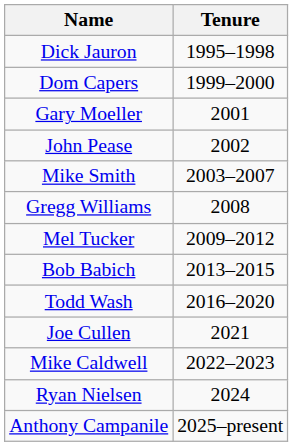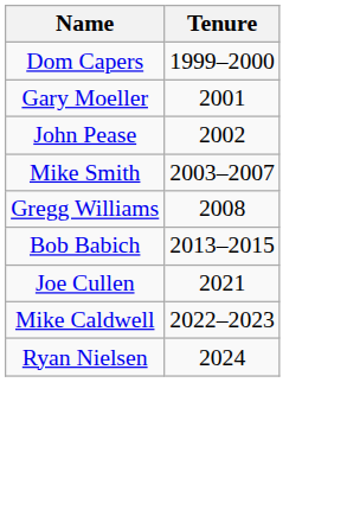 <table class="wikitable" style="text-align:center">
 <tr>
 <th>Name</th>
 <th>Tenure</th>
-</tr>
-<tr>
-<td><a href='#'>Dick Jauron</a></td>
-<td>1995–1998</td>
 </tr>
 <tr>
 <td><a href='#'>Dom Capers</a></td>
 <td>1999–2000</td>
 </tr>
 <tr>
 <td><a href='#'>Gary Moeller</a></td>
 <td>2001</td>
 </tr>
 <tr>
 <td><a href='#'>John Pease</a></td>
 <td>2002</td>
 </tr>
 <tr>
 <td><a href='#'>Mike Smith</a></td>
 <td>2003–2007</td>
 </tr>
 <tr>
 <td><a href='#'>Gregg Williams</a></td>
 <td>2008</td>
 </tr>
 <tr>
-<td><a href='#'>Mel Tucker</a></td>
-<td>2009–2012</td>
-</tr>
-<tr>
 <td><a href='#'>Bob Babich</a></td>
 <td>2013–2015</td>
-</tr>
-<tr>
-<td><a href='#'>Todd Wash</a></td>
-<td>2016–2020</td>
 </tr>
 <tr>
 <td><a href='#'>Joe Cullen</a></td>
 <td>2021</td>
 </tr>
 <tr>
 <td><a href='#'>Mike Caldwell</a></td>
 <td>2022–2023</td>
 </tr>
 <tr>
 <td><a href='#'>Ryan Nielsen</a></td>
 <td>2024</td>
 </tr>
-<tr>
-<td><a href='#'>Anthony Campanile</a></td>
-<td>2025–present</td>
-</tr>
 </table>
